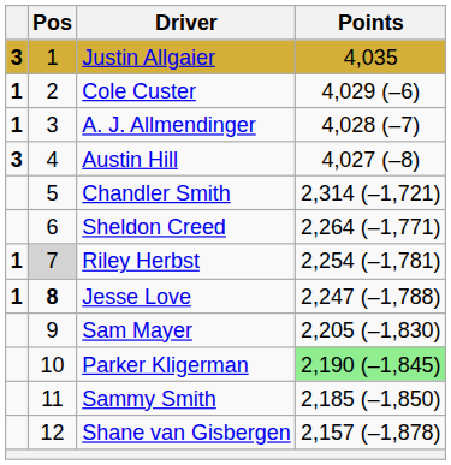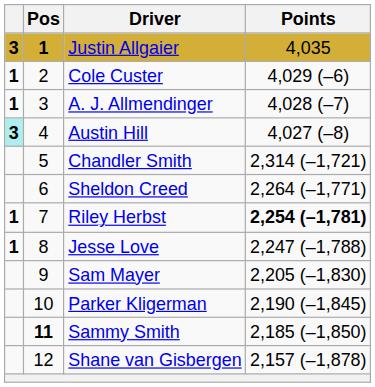 <table class="wikitable" style="font-size: 95%;">
 <tr>
 <th></th>
 <th>Pos</th>
 <th>Driver</th>
 <th>Points</th>
 </tr>
 <tr style="background:#D4AF37;">
 <td align="left"> <strong>3</strong></td>
-<td style="text-align:center;">1</td>
+<td style="text-align:center;"><strong>1</strong></td>
 <td><a href='#'>Justin Allgaier</a></td>
 <td style="text-align:center;">4,035</td>
 </tr>
 <tr>
 <td align="left"> <strong>1</strong></td>
 <td style="text-align:center;">2</td>
 <td><a href='#'>Cole Custer</a></td>
 <td style="text-align:center;">4,029 (–6)</td>
 </tr>
 <tr>
 <td align="left"> <strong>1</strong></td>
 <td style="text-align:center;">3</td>
 <td><a href='#'>A. J. Allmendinger</a></td>
 <td style="text-align:center;">4,028 (–7)</td>
 </tr>
 <tr>
-<td align="left"> <strong>3</strong></td>
+<td align="left" style="background: paleturquoise;"> <strong>3</strong></td>
 <td style="text-align:center;">4</td>
 <td><a href='#'>Austin Hill</a></td>
 <td style="text-align:center;">4,027 (–8)</td>
 </tr>
 <tr>
 <td align="left"></td>
 <td style="text-align:center;">5</td>
 <td><a href='#'>Chandler Smith</a></td>
 <td style="text-align:center;">2,314 (–1,721)</td>
 </tr>
 <tr>
 <td align="left"></td>
 <td style="text-align:center;">6</td>
 <td><a href='#'>Sheldon Creed</a></td>
 <td style="text-align:center;">2,264 (–1,771)</td>
 </tr>
 <tr>
 <td align="left"> <strong>1</strong></td>
-<td style="background: lightgrey; text-align:center;">7</td>
+<td style="text-align:center;">7</td>
 <td><a href='#'>Riley Herbst</a></td>
-<td style="text-align:center;">2,254 (–1,781)</td>
+<td style="text-align:center;"><strong>2,254 (–1,781)</strong></td>
 </tr>
 <tr>
 <td align="left"> <strong>1</strong></td>
-<td style="text-align:center;"><strong>8</strong></td>
+<td style="text-align:center;">8</td>
 <td><a href='#'>Jesse Love</a></td>
 <td style="text-align:center;">2,247 (–1,788)</td>
 </tr>
 <tr>
 <td align="left"></td>
 <td style="text-align:center;">9</td>
 <td><a href='#'>Sam Mayer</a></td>
 <td style="text-align:center;">2,205 (–1,830)</td>
 </tr>
 <tr>
 <td align="left"></td>
 <td style="text-align:center;">10</td>
 <td><a href='#'>Parker Kligerman</a></td>
-<td style="background: lightgreen; text-align:center;">2,190 (–1,845)</td>
+<td style="text-align:center;">2,190 (–1,845)</td>
 </tr>
 <tr>
 <td align="left"></td>
-<td style="text-align:center;">11</td>
+<td style="text-align:center;"><strong>11</strong></td>
 <td><a href='#'>Sammy Smith</a></td>
 <td style="text-align:center;">2,185 (–1,850)</td>
 </tr>
 <tr>
 <td align="left"></td>
 <td style="text-align:center;">12</td>
 <td><a href='#'>Shane van Gisbergen</a></td>
 <td style="text-align:center;">2,157 (–1,878)</td>
 </tr>
 <tr class="sortbottom">
 <th colspan="9"></th>
 </tr>
 </table>
